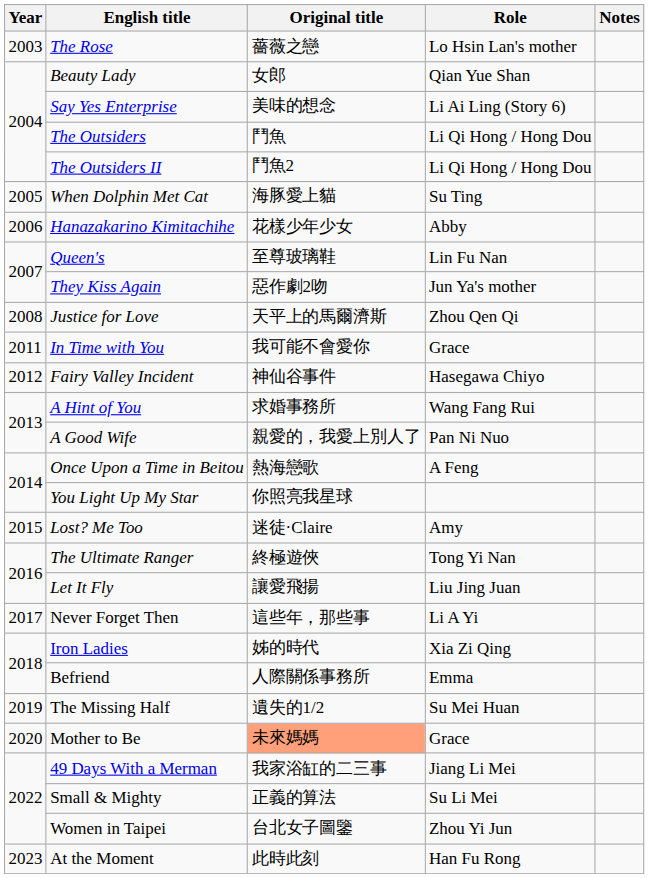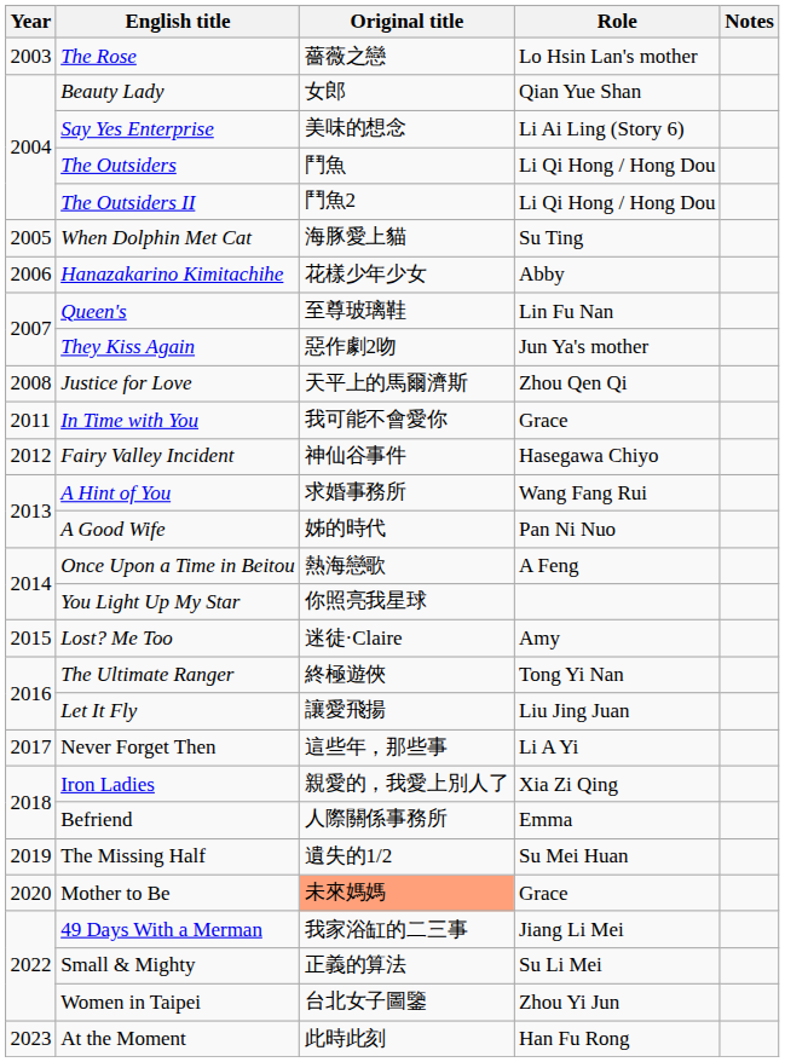 <table class="wikitable sortable">
 <tr>
 <th>Year</th>
 <th>English title</th>
 <th>Original title</th>
 <th>Role</th>
 <th class="unsortable">Notes</th>
 </tr>
 <tr>
 <td>2003</td>
 <td><em><a href='#'>The Rose</a></em></td>
 <td>薔薇之戀</td>
 <td>Lo Hsin Lan's mother</td>
 <td></td>
 </tr>
 <tr>
 <td rowspan=4>2004</td>
 <td><em>Beauty Lady</em></td>
 <td>女郎</td>
 <td>Qian Yue Shan</td>
 <td></td>
 </tr>
 <tr>
 <td><em><a href='#'>Say Yes Enterprise</a></em></td>
 <td>美味的想念</td>
 <td>Li Ai Ling (Story 6)</td>
 <td></td>
 </tr>
 <tr>
 <td><em><a href='#'>The Outsiders</a></em></td>
 <td>鬥魚</td>
 <td>Li Qi Hong / Hong Dou</td>
 <td></td>
 </tr>
 <tr>
 <td><em><a href='#'>The Outsiders II</a></em></td>
 <td>鬥魚2</td>
 <td>Li Qi Hong / Hong Dou</td>
 <td></td>
 </tr>
 <tr>
 <td>2005</td>
 <td><em>When Dolphin Met Cat</em></td>
 <td>海豚愛上貓</td>
 <td>Su Ting</td>
 <td></td>
 </tr>
 <tr>
 <td>2006</td>
 <td><em><a href='#'>Hanazakarino Kimitachihe</a></em></td>
 <td>花樣少年少女</td>
 <td>Abby</td>
 <td></td>
 </tr>
 <tr>
 <td rowspan=2>2007</td>
 <td><em><a href='#'>Queen's</a></em></td>
 <td>至尊玻璃鞋</td>
 <td>Lin Fu Nan</td>
 <td></td>
 </tr>
 <tr>
 <td><em><a href='#'>They Kiss Again</a></em></td>
 <td>惡作劇2吻</td>
 <td>Jun Ya's mother</td>
 <td></td>
 </tr>
 <tr>
 <td>2008</td>
 <td><em>Justice for Love</em></td>
 <td>天平上的馬爾濟斯</td>
 <td>Zhou Qen Qi</td>
 <td></td>
 </tr>
 <tr>
 <td>2011</td>
 <td><em><a href='#'>In Time with You</a></em></td>
 <td>我可能不會愛你</td>
 <td>Grace</td>
 <td></td>
 </tr>
 <tr>
 <td>2012</td>
 <td><em>Fairy Valley Incident</em></td>
 <td>神仙谷事件</td>
 <td>Hasegawa Chiyo</td>
 <td></td>
 </tr>
 <tr>
 <td rowspan=2>2013</td>
 <td><em><a href='#'>A Hint of You</a></em></td>
 <td>求婚事務所</td>
 <td>Wang Fang Rui</td>
 <td></td>
 </tr>
 <tr>
 <td><em>A Good Wife</em></td>
-<td>親愛的，我愛上別人了</td>
+<td>姊的時代</td>
 <td>Pan Ni Nuo</td>
 <td></td>
 </tr>
 <tr>
 <td rowspan=2>2014</td>
 <td><em>Once Upon a Time in Beitou</em></td>
 <td>熱海戀歌</td>
 <td>A Feng</td>
 <td></td>
 </tr>
 <tr>
 <td><em>You Light Up My Star</em></td>
 <td>你照亮我星球</td>
 <td></td>
 <td></td>
 </tr>
 <tr>
 <td>2015</td>
 <td><em>Lost? Me Too</em></td>
 <td>迷徒·Claire</td>
 <td>Amy</td>
 <td></td>
 </tr>
 <tr>
 <td rowspan=2>2016</td>
 <td><em>The Ultimate Ranger</em></td>
 <td>終極遊俠</td>
 <td>Tong Yi Nan</td>
 <td></td>
 </tr>
 <tr>
 <td><em>Let It Fly<strong></td>
 <td>讓愛飛揚</td>
 <td>Liu Jing Juan</td>
 <td></td>
 </tr>
 <tr>
 <td>2017</td>
 <td></em>Never Forget Then<em></td>
 <td>這些年，那些事</td>
 <td>Li A Yi</td>
 <td></td>
 </tr>
 <tr>
 <td rowspan=2>2018</td>
 <td></em><a href='#'>Iron Ladies</a><em></td>
-<td>姊的時代</td>
+<td>親愛的，我愛上別人了</td>
 <td>Xia Zi Qing</td>
 <td></td>
 </tr>
 <tr>
 <td></em>Befriend<em></td>
 <td>人際關係事務所</td>
 <td>Emma</td>
 <td></td>
 </tr>
 <tr>
 <td>2019</td>
 <td></em>The Missing Half<em></td>
 <td>遺失的1/2</td>
 <td>Su Mei Huan</td>
 <td></td>
 </tr>
 <tr>
 <td>2020</td>
 <td></em>Mother to Be<em></td>
 <td style="background: lightsalmon;">未來媽媽</td>
 <td>Grace</td>
 <td></td>
 </tr>
 <tr>
 <td rowspan="3">2022</td>
 <td></em><a href='#'>49 Days With a Merman</a><em></td>
 <td>我家浴缸的二三事</td>
 <td>Jiang Li Mei</td>
 <td></td>
 </tr>
 <tr>
 <td></em>Small & Mighty<em></td>
 <td>正義的算法</td>
 <td>Su Li Mei</td>
 <td></td>
 </tr>
 <tr>
 <td></em>Women in Taipei<em></td>
 <td>台北女子圖鑒</td>
 <td>Zhou Yi Jun</td>
 <td></td>
 </tr>
 <tr>
 <td>2023</td>
 <td></em>At the Moment<em></td>
 <td>此時此刻</td>
 <td>Han Fu Rong</td>
 <td></td>
 </tr>
 </table>
